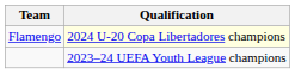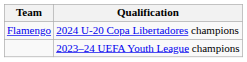 <table class="wikitable">
 <tr>
 <th>Team</th>
 <th>Qualification</th>
 </tr>
 <tr>
 <td> <a href='#'>Flamengo</a></td>
-<td style="background: lightyellow;"><a href='#'>2024 U-20 Copa Libertadores</a> champions</td>
+<td><a href='#'>2024 U-20 Copa Libertadores</a> champions</td>
 </tr>
 <tr>
 <td></td>
 <td><a href='#'>2023–24 UEFA Youth League</a> champions</td>
 </tr>
 </table>
